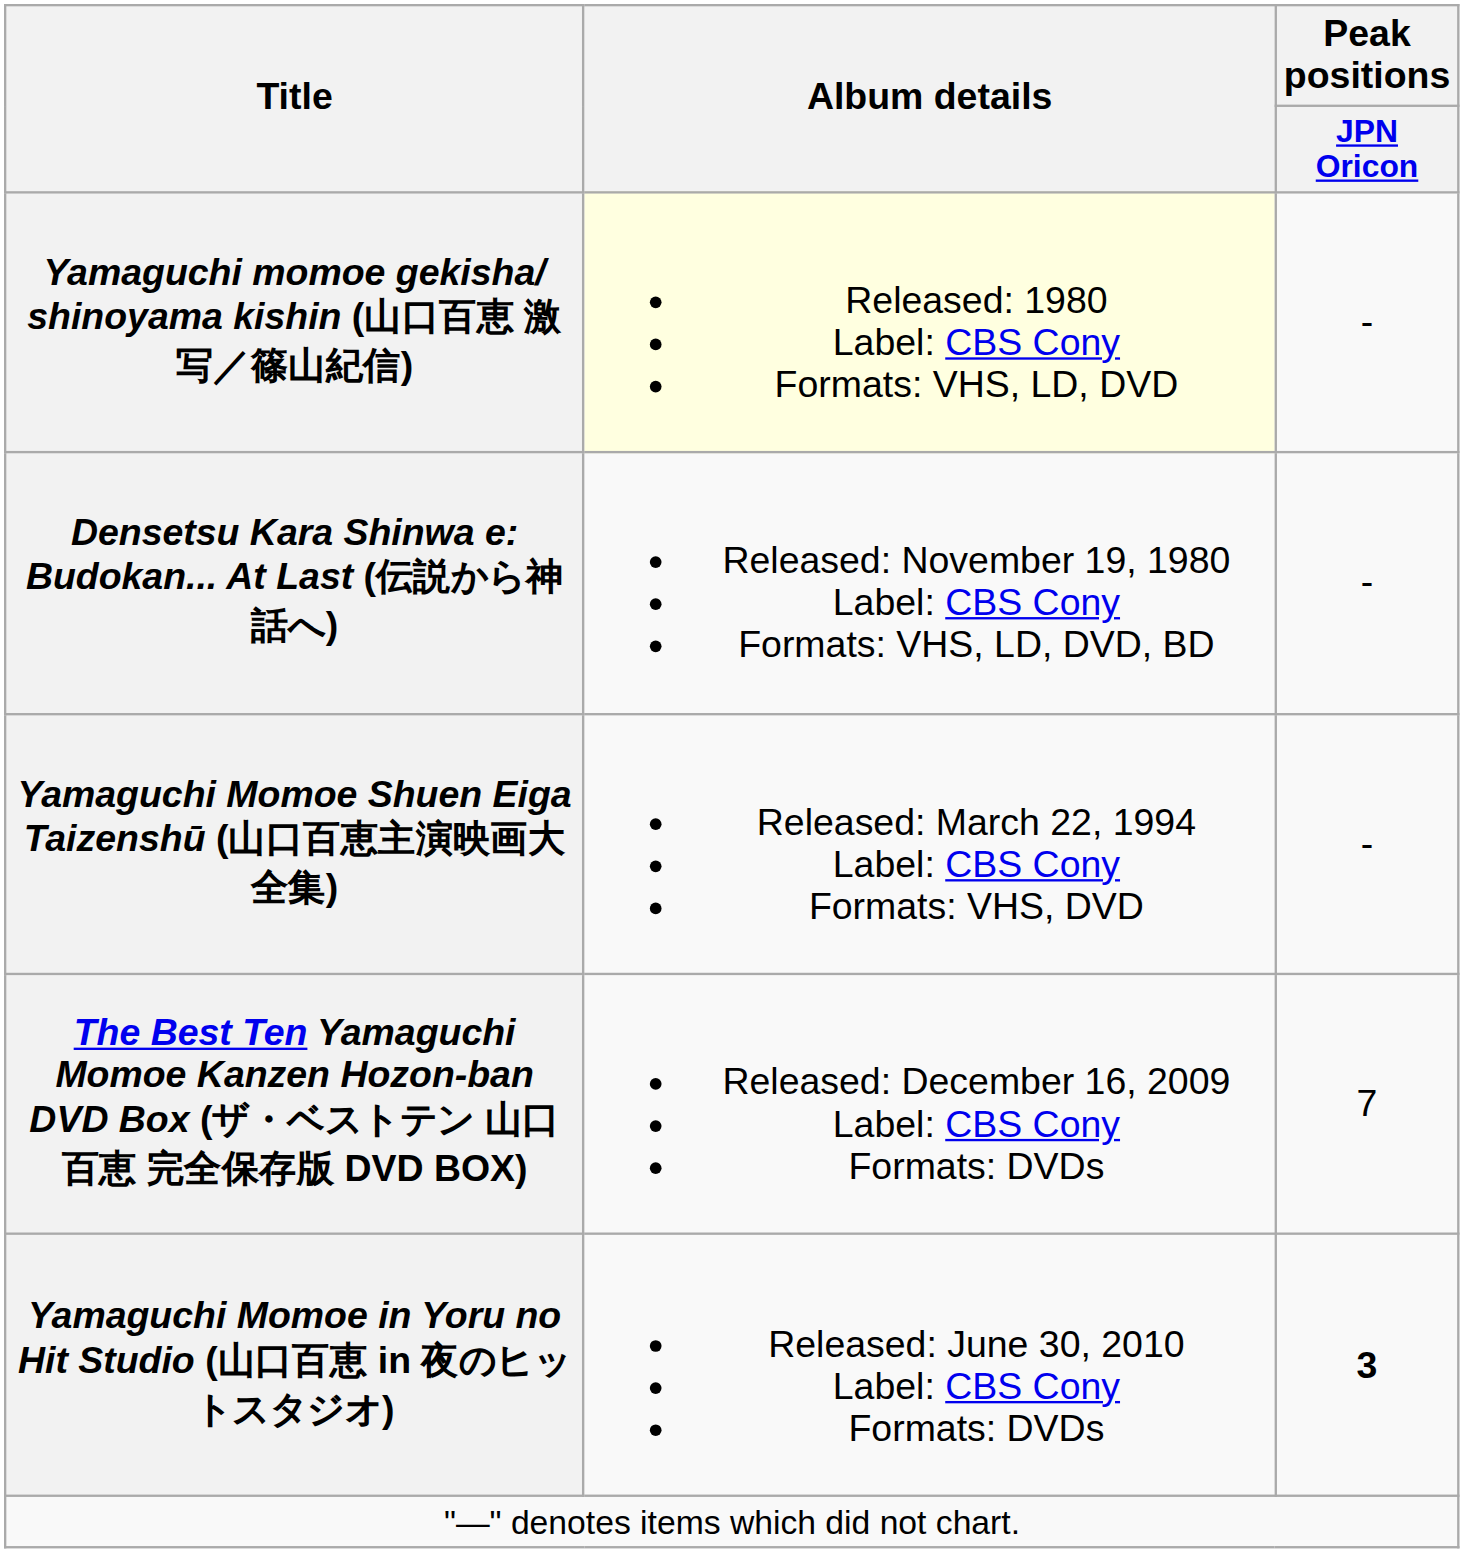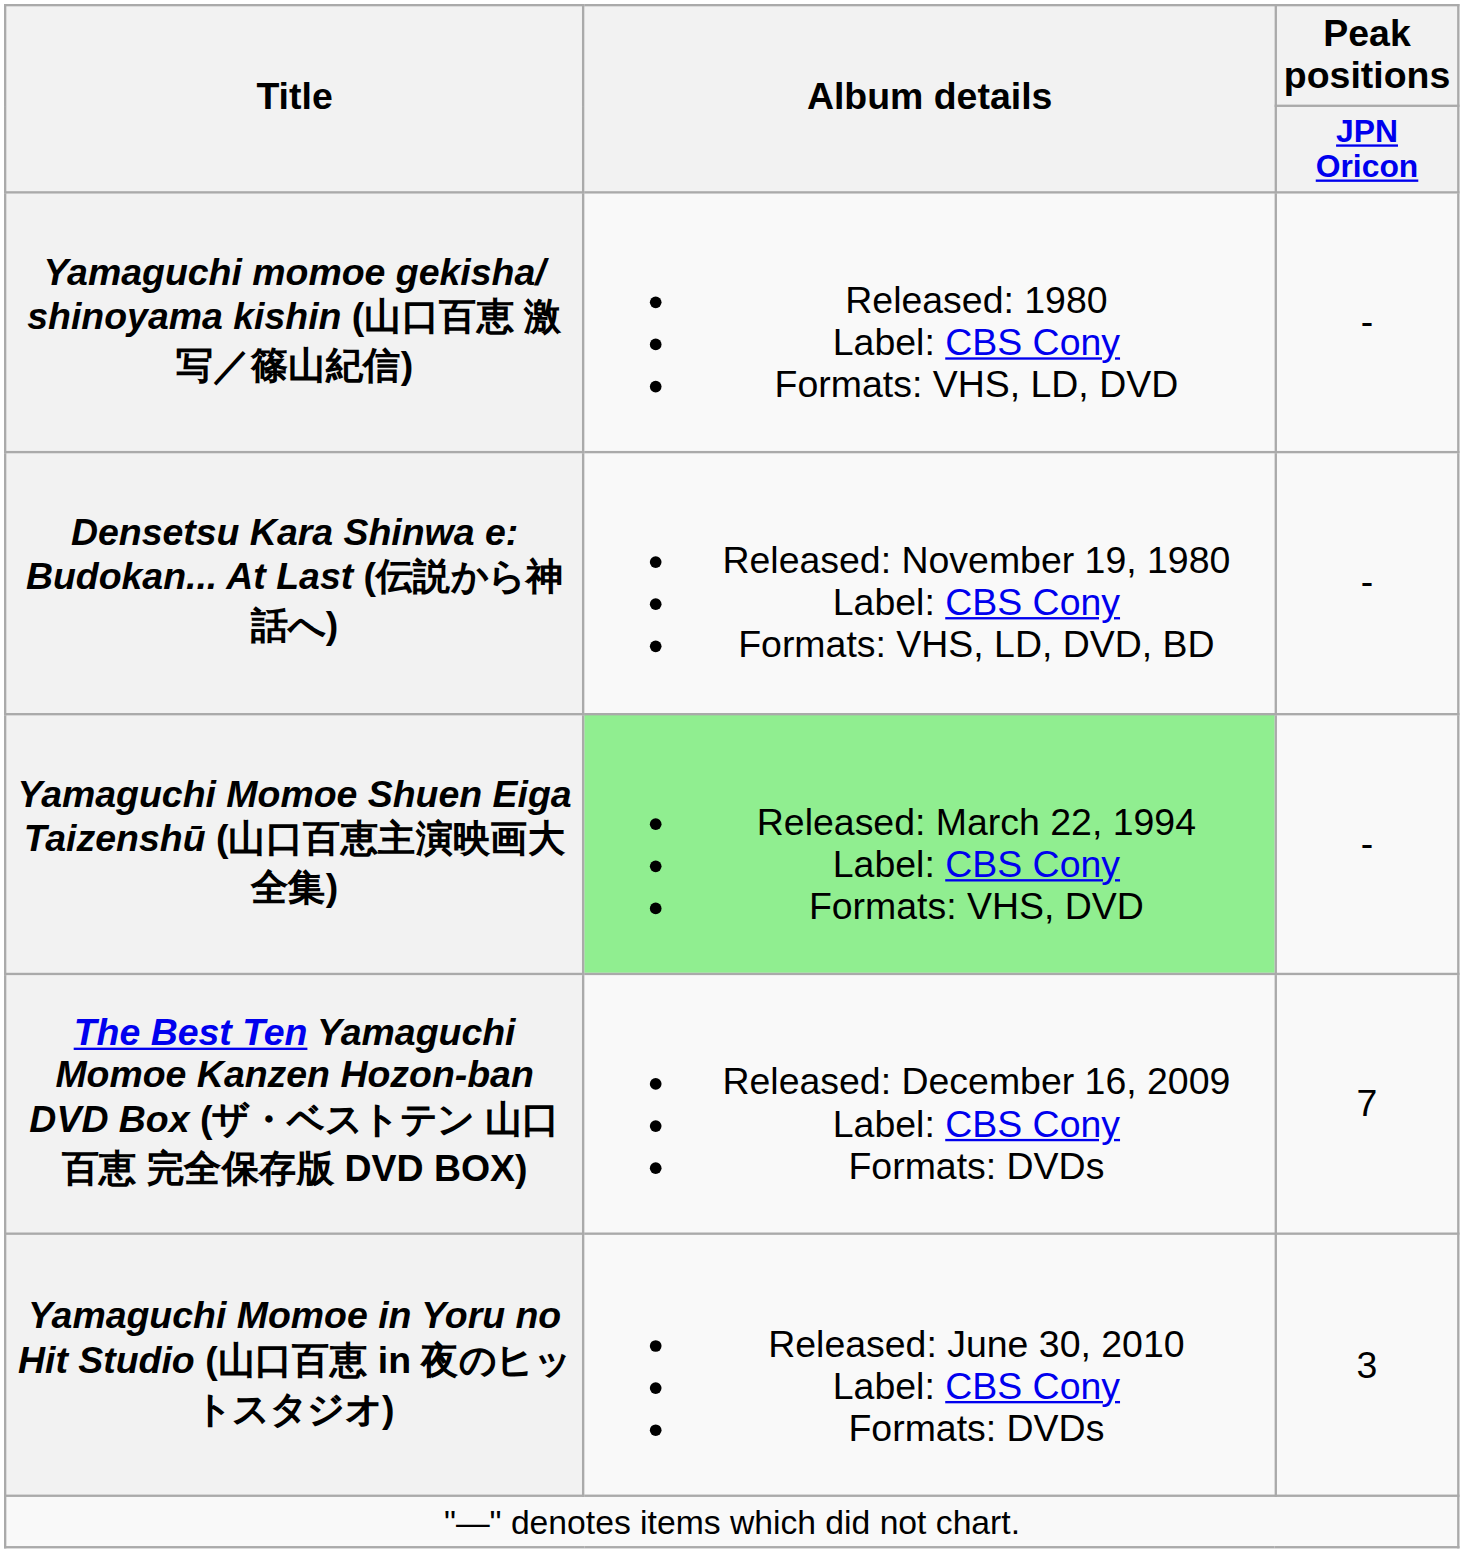 <table class="wikitable plainrowheaders" style="text-align:center;">
 <tr>
 <th style="width:15em;" rowspan="2">Title</th>
 <th style="width:18em;" rowspan="2">Album details</th>
 <th colspan="1">Peak positions</th>
 </tr>
 <tr>
 <th style="width:3em;font-size:85%"><a href='#'>JPN<br>Oricon</a><br></th>
 </tr>
 <tr>
 <th scope="row"><em>Yamaguchi momoe gekisha/ shinoyama kishin</em> (山口百恵 激写／篠山紀信)</th>
-<td style="background: lightyellow;"><br><ul><li>Released: 1980</li><li>Label: <a href='#'>CBS Cony</a></li><li>Formats: VHS, LD, DVD</li></ul></td>
+<td><br><ul><li>Released: 1980</li><li>Label: <a href='#'>CBS Cony</a></li><li>Formats: VHS, LD, DVD</li></ul></td>
 <td>-</td>
 </tr>
 <tr>
 <th scope="row"><em>Densetsu Kara Shinwa e: Budokan... At Last</em> (伝説から神話へ)</th>
 <td><br><ul><li>Released: November 19, 1980</li><li>Label: <a href='#'>CBS Cony</a></li><li>Formats: VHS, LD, DVD, BD</li></ul></td>
 <td>-</td>
 </tr>
 <tr>
 <th scope="row"><em>Yamaguchi Momoe Shuen Eiga Taizenshū</em> (山口百恵主演映画大全集)</th>
-<td><br><ul><li>Released: March 22, 1994</li><li>Label: <a href='#'>CBS Cony</a></li><li>Formats: VHS, DVD</li></ul></td>
+<td style="background: lightgreen;"><br><ul><li>Released: March 22, 1994</li><li>Label: <a href='#'>CBS Cony</a></li><li>Formats: VHS, DVD</li></ul></td>
 <td>-</td>
 </tr>
 <tr>
 <th scope="row"><em><a href='#'>The Best Ten</a> Yamaguchi Momoe Kanzen Hozon-ban DVD Box</em> (ザ・ベストテン 山口百恵 完全保存版 DVD BOX)</th>
 <td><br><ul><li>Released: December 16, 2009</li><li>Label: <a href='#'>CBS Cony</a></li><li>Formats: DVDs</li></ul></td>
 <td>7</td>
 </tr>
 <tr>
 <th scope="row"><em>Yamaguchi Momoe in Yoru no Hit Studio</em> (山口百恵 in 夜のヒットスタジオ)</th>
 <td><br><ul><li>Released: June 30, 2010</li><li>Label: <a href='#'>CBS Cony</a></li><li>Formats: DVDs</li></ul></td>
-<td><strong>3</strong></td>
+<td>3</td>
 </tr>
 <tr>
 <td colspan="11" align="center" style="font-size:90%;">"—" denotes items which did not chart.</td>
 </tr>
 </table>
